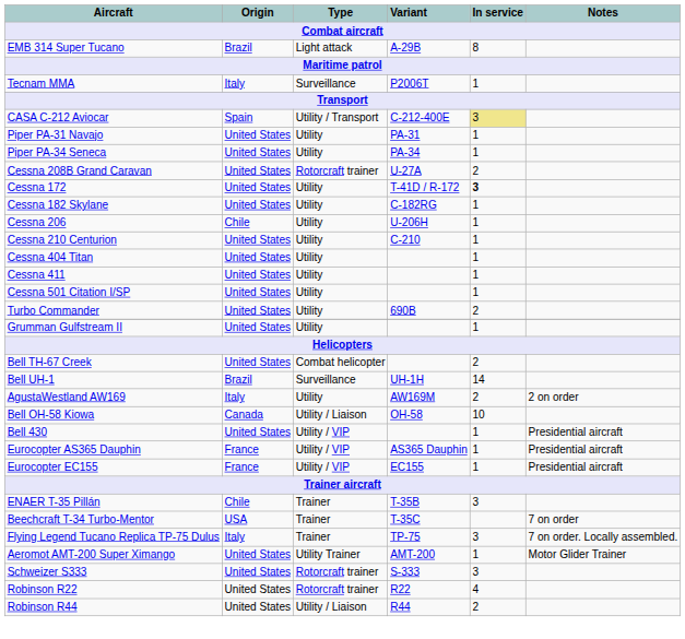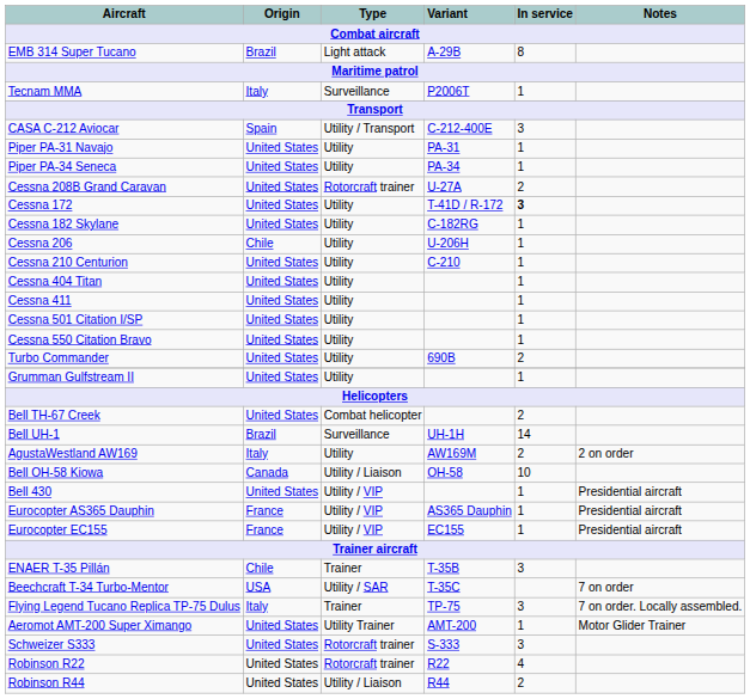 <table class="wikitable">
 <tr>
 <th style="text-align:center; background:#acc;">Aircraft</th>
 <th style="text-align: center; background:#acc;">Origin</th>
 <th style="text-align:l center; background:#acc;">Type</th>
 <th style="text-align:left; background:#acc;">Variant</th>
 <th style="text-align:center; background:#acc;">In service</th>
 <th style="text-align: center; background:#acc;">Notes</th>
 </tr>
 <tr>
 <th style="align: center; background: lavender;" colspan="6"><a href='#'>Combat aircraft</a></th>
 </tr>
 <tr>
 <td><a href='#'>EMB 314 Super Tucano</a></td>
 <td><a href='#'>Brazil</a></td>
 <td>Light attack</td>
 <td><a href='#'>A-29B</a></td>
 <td>8</td>
 <td></td>
 </tr>
 <tr>
 <th style="align: center; background: lavender;" colspan="6"><a href='#'>Maritime patrol</a></th>
 </tr>
 <tr>
 <td><a href='#'>Tecnam MMA</a></td>
 <td><a href='#'>Italy</a></td>
 <td>Surveillance</td>
 <td><a href='#'>P2006T</a></td>
 <td>1</td>
 </tr>
 <tr>
 <th style="align: center; background: lavender;" colspan="6"><a href='#'>Transport</a></th>
 </tr>
 <tr>
 <td><a href='#'>CASA C-212 Aviocar</a></td>
 <td><a href='#'>Spain</a></td>
 <td>Utility / Transport</td>
 <td><a href='#'>C-212-400E</a></td>
-<td style="background: khaki;">3</td>
+<td>3</td>
 <td></td>
 </tr>
 <tr>
 <td><a href='#'>Piper PA-31 Navajo</a></td>
 <td><a href='#'>United States</a></td>
 <td>Utility</td>
 <td><a href='#'>PA-31</a></td>
 <td>1</td>
 <td></td>
 </tr>
 <tr>
 <td><a href='#'>Piper PA-34 Seneca</a></td>
 <td><a href='#'>United States</a></td>
 <td>Utility</td>
 <td><a href='#'>PA-34</a></td>
 <td>1</td>
 <td></td>
 </tr>
 <tr>
 <td><a href='#'>Cessna 208B Grand Caravan</a></td>
 <td><a href='#'>United States</a></td>
 <td><a href='#'>Rotorcraft</a> trainer</td>
 <td><a href='#'>U-27A</a></td>
 <td>2</td>
 <td></td>
 </tr>
 <tr>
 <td><a href='#'>Cessna 172</a></td>
 <td><a href='#'>United States</a></td>
 <td>Utility</td>
 <td><a href='#'>T-41D / R-172</a></td>
 <td><strong>3</strong></td>
 <td></td>
 </tr>
 <tr>
 <td><a href='#'>Cessna 182 Skylane</a></td>
 <td><a href='#'>United States</a></td>
 <td>Utility</td>
 <td><a href='#'>C-182RG</a></td>
 <td>1</td>
 <td></td>
 </tr>
 <tr>
 <td><a href='#'>Cessna 206</a></td>
 <td><a href='#'>Chile</a></td>
 <td>Utility</td>
 <td><a href='#'>U-206H</a></td>
 <td>1</td>
 <td></td>
 </tr>
 <tr>
 <td><a href='#'>Cessna 210 Centurion</a></td>
 <td><a href='#'>United States</a></td>
 <td>Utility</td>
 <td><a href='#'>C-210</a></td>
 <td>1</td>
 <td></td>
 </tr>
 <tr>
 <td><a href='#'>Cessna 404 Titan</a></td>
 <td><a href='#'>United States</a></td>
 <td>Utility</td>
 <td></td>
 <td>1</td>
 <td></td>
 </tr>
 <tr>
 <td><a href='#'>Cessna 411</a></td>
 <td><a href='#'>United States</a></td>
 <td>Utility</td>
 <td></td>
 <td>1</td>
 <td></td>
 </tr>
 <tr>
 <td><a href='#'>Cessna 501 Citation I/SP</a></td>
+<td><a href='#'>United States</a></td>
+<td>Utility</td>
+<td></td>
+<td>1</td>
+<td></td>
+</tr>
+<tr>
+<td><a href='#'>Cessna 550 Citation Bravo</a></td>
 <td><a href='#'>United States</a></td>
 <td>Utility</td>
 <td></td>
 <td>1</td>
 <td></td>
 </tr>
 <tr>
 <td><a href='#'>Turbo Commander</a></td>
 <td><a href='#'>United States</a></td>
 <td>Utility</td>
 <td><a href='#'>690B</a></td>
 <td>2</td>
 <td></td>
 </tr>
 <tr>
 </tr>
 <tr>
 <td><a href='#'>Grumman Gulfstream II</a></td>
 <td><a href='#'>United States</a></td>
 <td>Utility</td>
 <td></td>
 <td>1</td>
 <td></td>
 </tr>
 <tr>
 <th style="align: center; background: lavender;" colspan="6"><a href='#'>Helicopters</a></th>
 </tr>
 <tr>
 <td><a href='#'>Bell TH-67 Creek</a></td>
 <td><a href='#'>United States</a></td>
 <td>Combat helicopter</td>
 <td></td>
 <td>2</td>
 <td></td>
 </tr>
 <tr>
 <td><a href='#'>Bell UH-1</a></td>
 <td><a href='#'>Brazil</a></td>
 <td>Surveillance</td>
 <td><a href='#'>UH-1H</a></td>
 <td>14</td>
 <td></td>
 </tr>
 <tr>
 <td><a href='#'>AgustaWestland AW169</a></td>
 <td><a href='#'>Italy</a></td>
 <td>Utility</td>
 <td><a href='#'>AW169M</a></td>
 <td>2</td>
 <td>2 on order</td>
 </tr>
 <tr>
 <td><a href='#'>Bell OH-58 Kiowa</a></td>
 <td><a href='#'>Canada</a></td>
 <td>Utility / Liaison</td>
 <td><a href='#'>OH-58</a></td>
 <td>10</td>
 <td></td>
 </tr>
 <tr>
 <td><a href='#'>Bell 430</a></td>
 <td><a href='#'>United States</a></td>
 <td>Utility / <a href='#'>VIP</a></td>
 <td></td>
 <td>1</td>
 <td>Presidential aircraft</td>
 </tr>
 <tr>
 <td><a href='#'>Eurocopter AS365 Dauphin</a></td>
 <td><a href='#'>France</a></td>
 <td>Utility / <a href='#'>VIP</a></td>
 <td><a href='#'>AS365 Dauphin</a></td>
 <td>1</td>
 <td>Presidential aircraft</td>
 </tr>
 <tr>
 <td><a href='#'>Eurocopter EC155</a></td>
 <td><a href='#'>France</a></td>
 <td>Utility / <a href='#'>VIP</a></td>
 <td><a href='#'>EC155</a></td>
 <td>1</td>
 <td>Presidential aircraft</td>
 </tr>
 <tr>
 <th style="align: center; background: lavender;" colspan="6"><a href='#'>Trainer aircraft</a></th>
 </tr>
 <tr>
 <td><a href='#'>ENAER T-35 Pillán</a></td>
 <td><a href='#'>Chile</a></td>
 <td>Trainer</td>
 <td><a href='#'>T-35B</a></td>
 <td>3 </td>
 <td></td>
 </tr>
 <tr>
 <td><a href='#'> Beechcraft T-34 Turbo-Mentor</a></td>
 <td><a href='#'>USA</a></td>
-<td>Trainer</td>
+<td>Utility / <a href='#'>SAR</a></td>
 <td><a href='#'>T-35C</a></td>
 <td></td>
 <td>7 on order </td>
 </tr>
 <tr>
 <td><a href='#'>Flying Legend Tucano Replica TP-75 Dulus</a></td>
 <td><a href='#'>Italy</a></td>
 <td>Trainer</td>
 <td><a href='#'>TP-75</a></td>
 <td>3</td>
 <td>7 on order. Locally assembled.</td>
 </tr>
 <tr>
 <td><a href='#'>Aeromot AMT-200 Super Ximango</a></td>
 <td><a href='#'>United States</a></td>
 <td>Utility Trainer</td>
 <td><a href='#'>AMT-200</a></td>
 <td>1</td>
 <td>Motor Glider Trainer</td>
 </tr>
 <tr>
 <td><a href='#'>Schweizer S333</a></td>
 <td><a href='#'>United States</a></td>
 <td><a href='#'>Rotorcraft</a> trainer</td>
 <td><a href='#'>S-333</a></td>
 <td>3</td>
 <td></td>
 </tr>
 <tr>
 <td><a href='#'>Robinson R22</a></td>
 <td>United States</td>
 <td><a href='#'>Rotorcraft</a> trainer</td>
 <td><a href='#'>R22</a></td>
 <td>4</td>
 <td></td>
 </tr>
 <tr>
 <td><a href='#'>Robinson R44</a></td>
 <td>United States</td>
 <td>Utility / Liaison</td>
 <td><a href='#'>R44</a></td>
 <td>2</td>
 <td></td>
 </tr>
 </table>
